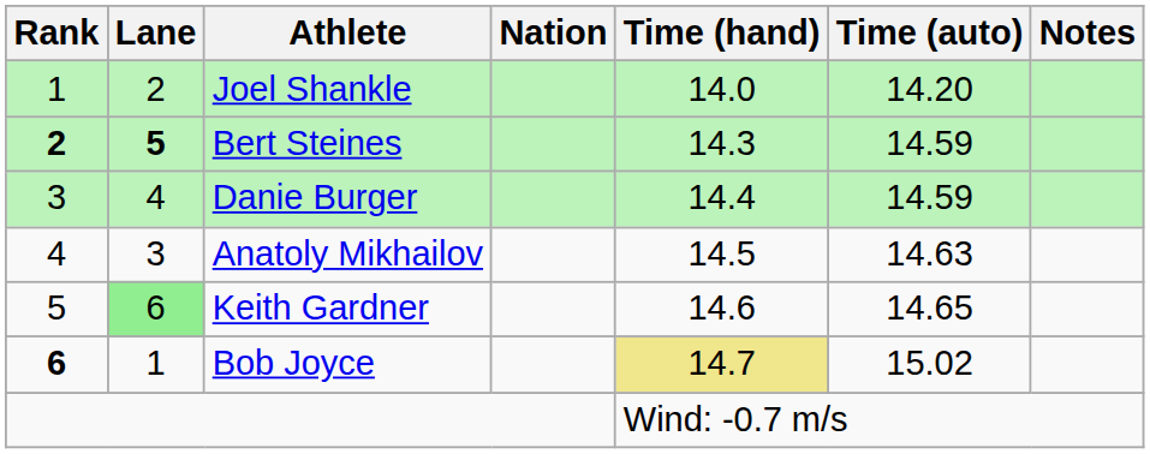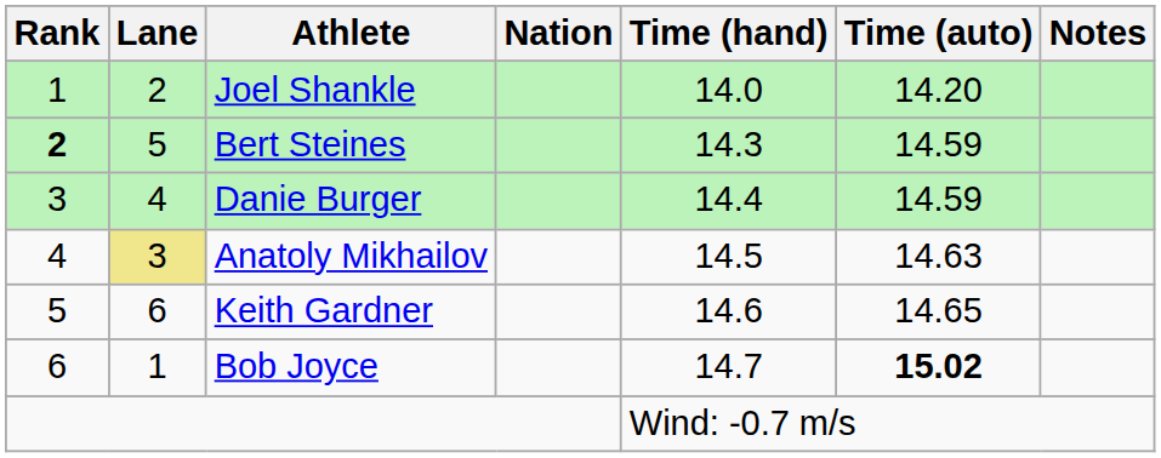 <table class="wikitable sortable" style="text-align:center">
 <tr>
 <th>Rank</th>
 <th>Lane</th>
 <th>Athlete</th>
 <th>Nation</th>
 <th>Time (hand)</th>
 <th>Time (auto)</th>
 <th>Notes</th>
 </tr>
 <tr bgcolor=bbf3bb>
 <td>1</td>
 <td>2</td>
 <td align=left><a href='#'>Joel Shankle</a></td>
 <td align=left></td>
 <td>14.0</td>
 <td>14.20</td>
 <td></td>
 </tr>
 <tr bgcolor=bbf3bb>
 <td><strong>2</strong></td>
-<td><strong>5</strong></td>
+<td>5</td>
 <td align=left><a href='#'>Bert Steines</a></td>
 <td align=left></td>
 <td>14.3</td>
 <td>14.59</td>
 <td></td>
 </tr>
 <tr bgcolor=bbf3bb>
 <td>3</td>
 <td>4</td>
 <td align=left><a href='#'>Danie Burger</a></td>
 <td align=left></td>
 <td>14.4</td>
 <td>14.59</td>
 <td></td>
 </tr>
 <tr>
 <td>4</td>
-<td>3</td>
+<td style="background: khaki;">3</td>
 <td align=left><a href='#'>Anatoly Mikhailov</a></td>
 <td align=left></td>
 <td>14.5</td>
 <td>14.63</td>
 <td></td>
 </tr>
 <tr>
 <td>5</td>
-<td style="background: lightgreen;">6</td>
+<td>6</td>
 <td align=left><a href='#'>Keith Gardner</a></td>
 <td align=left></td>
 <td>14.6</td>
 <td>14.65</td>
 <td></td>
 </tr>
 <tr>
-<td><strong>6</strong></td>
+<td>6</td>
 <td>1</td>
 <td align=left><a href='#'>Bob Joyce</a></td>
 <td align=left></td>
-<td style="background: khaki;">14.7</td>
-<td>15.02</td>
+<td>14.7</td>
+<td><strong>15.02</strong></td>
 <td></td>
 </tr>
 <tr class="sortbottom">
 <td colspan=4></td>
 <td colspan="3" style="text-align:left;">Wind: -0.7 m/s</td>
 </tr>
 </table>
